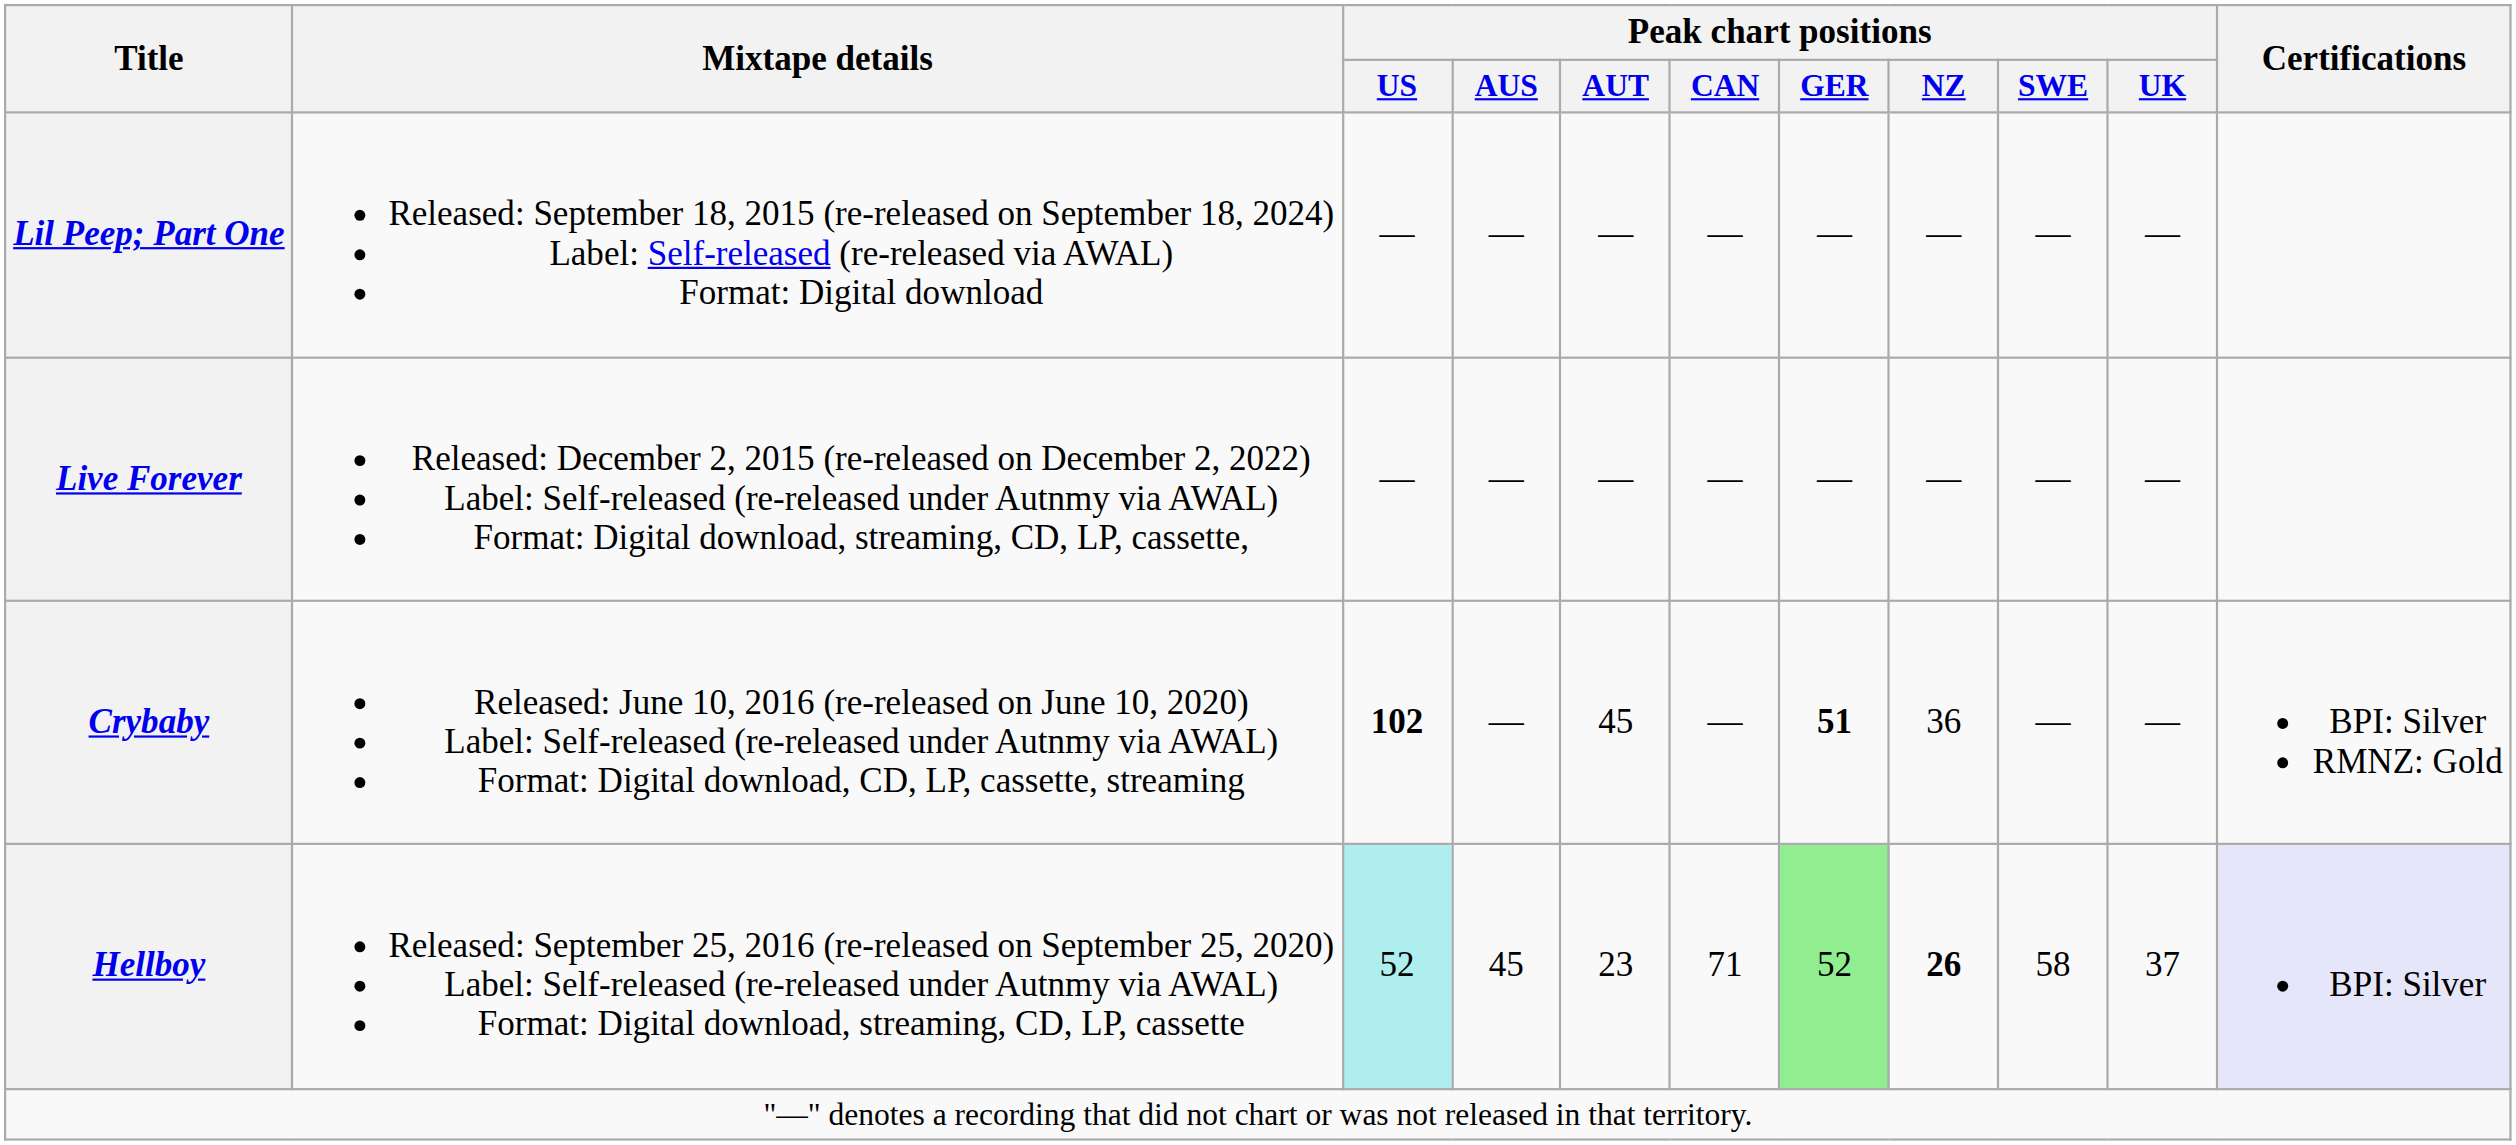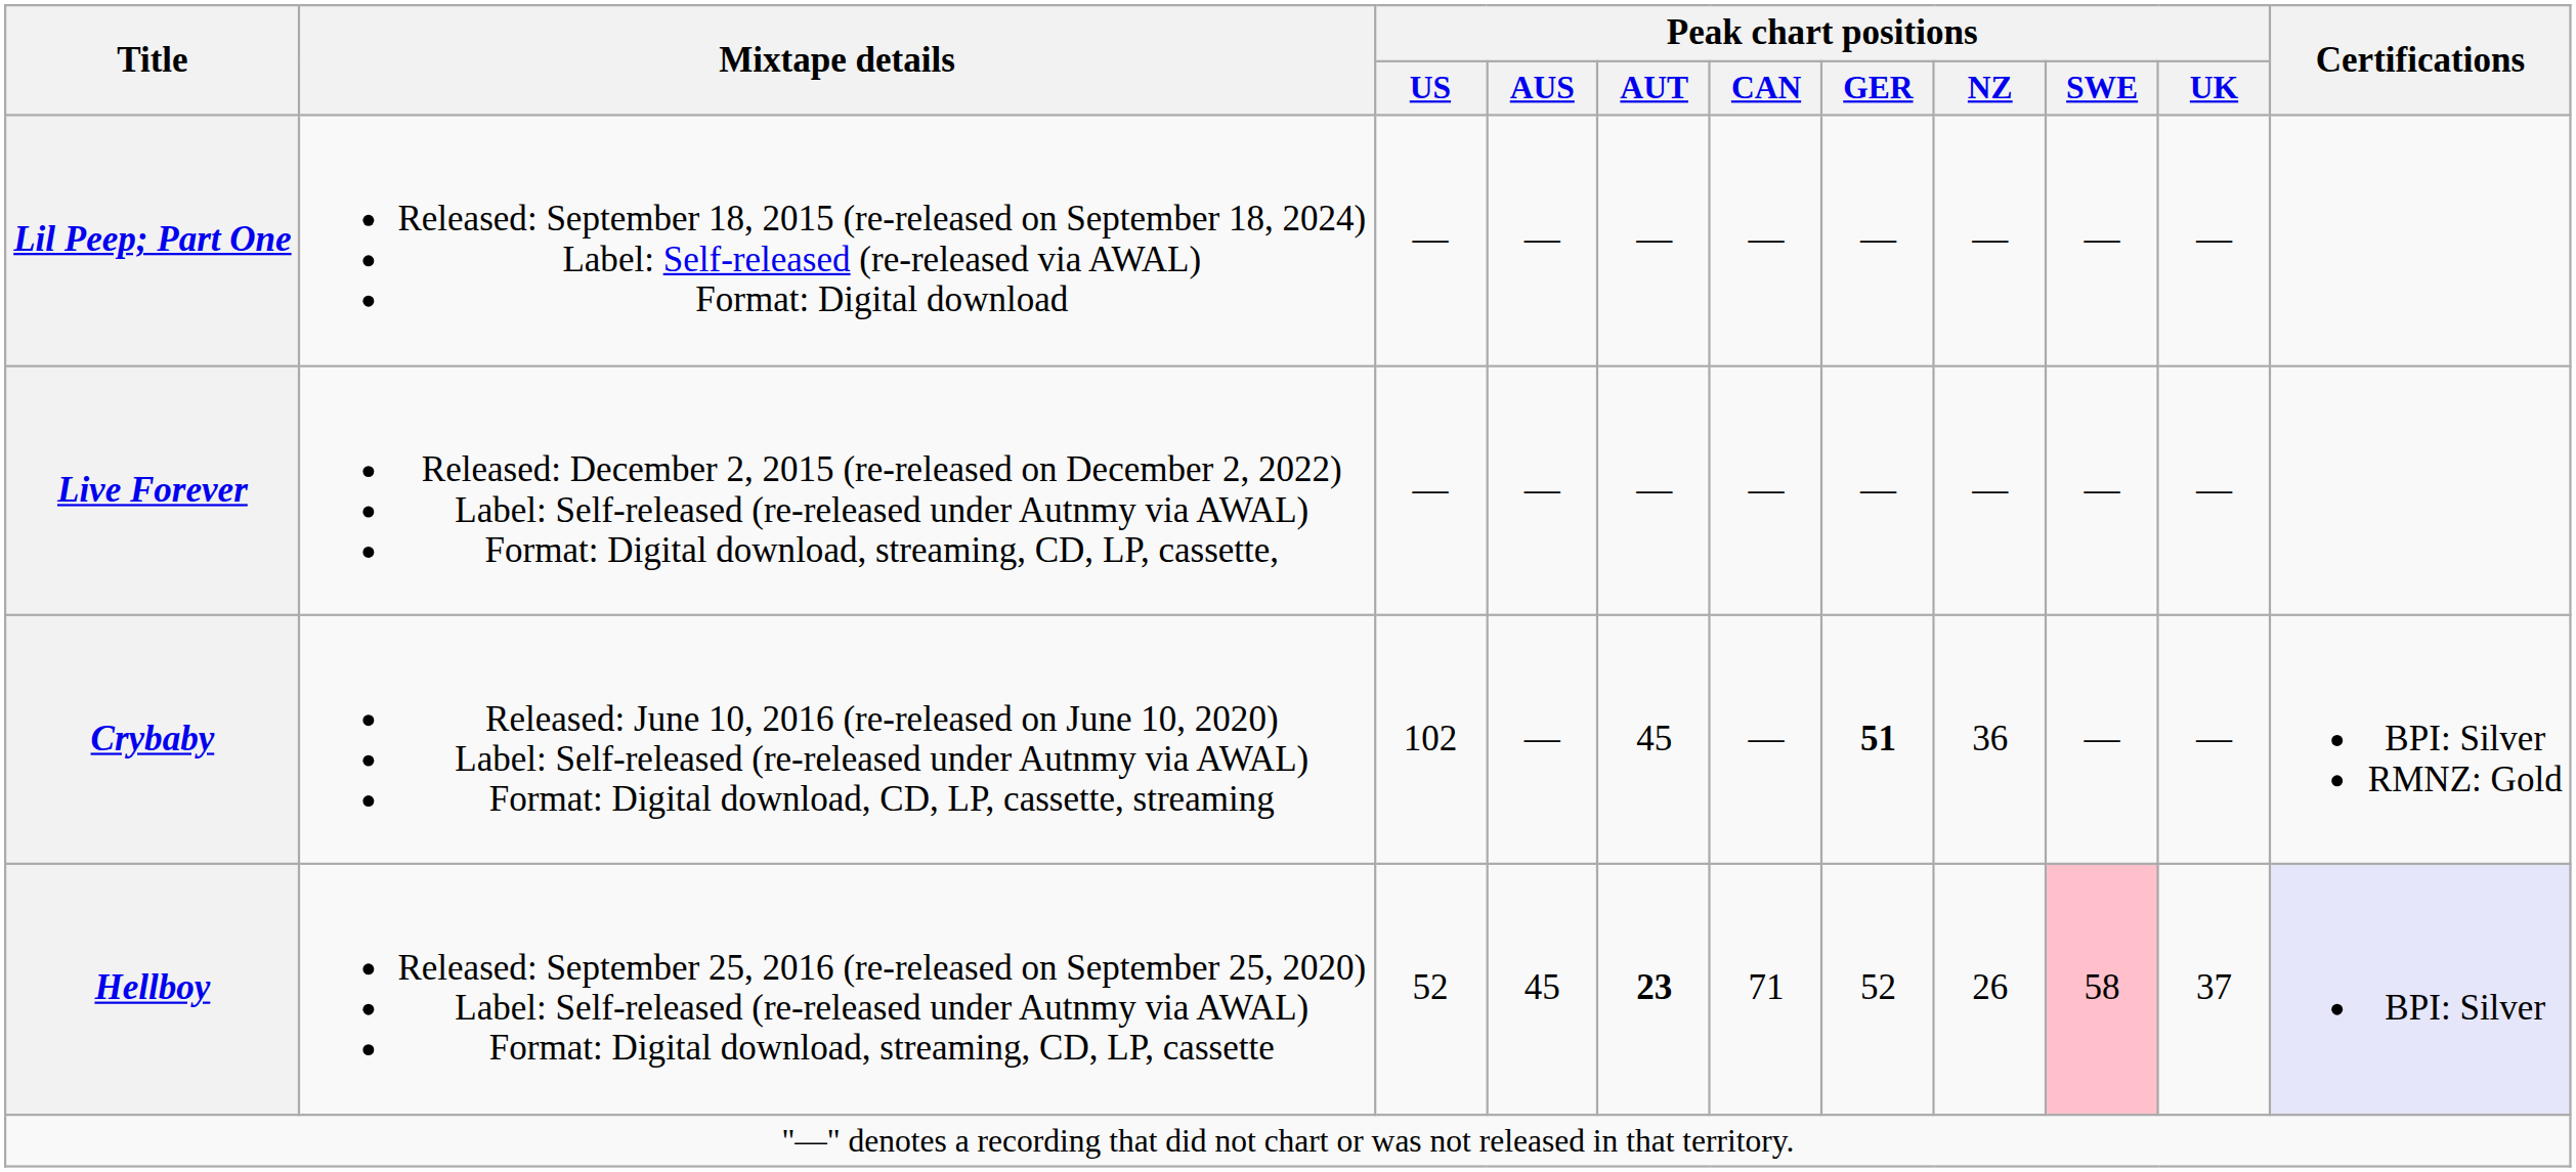 <table class="wikitable plainrowheaders" style="text-align:center;">
 <tr>
 <th rowspan="2">Title</th>
 <th rowspan="2">Mixtape details</th>
 <th colspan="8">Peak chart positions</th>
 <th rowspan="2">Certifications</th>
 </tr>
 <tr>
 <th scope="col" style="width:3em;font-size:90%;"><a href='#'>US</a><br></th>
 <th scope="col" style="width:3em;font-size:90%;"><a href='#'>AUS</a><br></th>
 <th scope="col" style="width:3em;font-size:90%;"><a href='#'>AUT</a><br></th>
 <th scope="col" style="width:3em;font-size:90%;"><a href='#'>CAN</a><br></th>
 <th scope="col" style="width:3em;font-size:90%;"><a href='#'>GER</a><br></th>
 <th scope="col" style="width:3em;font-size:90%;"><a href='#'>NZ</a><br></th>
 <th scope="col" style="width:3em;font-size:90%;"><a href='#'>SWE</a><br></th>
 <th scope="col" style="width:3em;font-size:90%;"><a href='#'>UK</a><br></th>
 </tr>
 <tr>
 <th scope="row"><em><a href='#'>Lil Peep; Part One</a></em></th>
 <td><br><ul><li>Released: September 18, 2015 (re-released on September 18, 2024)</li><li>Label: <a href='#'>Self-released</a> (re-released via AWAL)</li><li>Format: Digital download</li></ul></td>
 <td>—</td>
 <td>—</td>
 <td>—</td>
 <td>—</td>
 <td>—</td>
 <td>—</td>
 <td>—</td>
 <td>—</td>
 <td></td>
 </tr>
 <tr>
 <th scope="row"><em><a href='#'>Live Forever</a></em></th>
 <td><br><ul><li>Released: December 2, 2015 (re-released on December 2, 2022)</li><li>Label: Self-released (re-released under Autnmy via AWAL)</li><li>Format: Digital download, streaming,   CD, LP, cassette,</li></ul></td>
 <td>—</td>
 <td>—</td>
 <td>—</td>
 <td>—</td>
 <td>—</td>
 <td>—</td>
 <td>—</td>
 <td>—</td>
 <td></td>
 </tr>
 <tr>
 <th scope="row"><em><a href='#'>Crybaby</a></em></th>
 <td><br><ul><li>Released: June 10, 2016 (re-released on June 10, 2020)</li><li>Label: Self-released (re-released under Autnmy via AWAL)</li><li>Format: Digital download, CD, LP, cassette, streaming</li></ul></td>
-<td><strong>102<br></strong></td>
+<td>102<br></td>
 <td>—</td>
 <td>45</td>
 <td>—</td>
 <td><strong>51</strong></td>
 <td>36</td>
 <td>—</td>
 <td>—</td>
 <td><br><ul><li>BPI: Silver</li><li>RMNZ: Gold</li></ul></td>
 </tr>
 <tr>
 <th scope="row"><em><a href='#'>Hellboy</a></em></th>
 <td><br><ul><li>Released: September 25, 2016 (re-released on September 25, 2020)</li><li>Label: Self-released (re-released under Autnmy via AWAL)</li><li>Format: Digital download, streaming, CD, LP, cassette</li></ul></td>
-<td style="background: paleturquoise;">52</td>
+<td>52</td>
 <td>45</td>
-<td>23</td>
+<td><strong>23</strong></td>
 <td>71</td>
-<td style="background: lightgreen;">52</td>
-<td><strong>26</strong></td>
-<td>58</td>
+<td>52</td>
+<td>26</td>
+<td style="background: pink;">58</td>
 <td>37</td>
 <td style="background: lavender;"><br><ul><li>BPI: Silver</li></ul></td>
 </tr>
 <tr>
 <td colspan="14" style="font-size:90%">"—" denotes a recording that did not chart or was not released in that territory.</td>
 </tr>
 </table>
